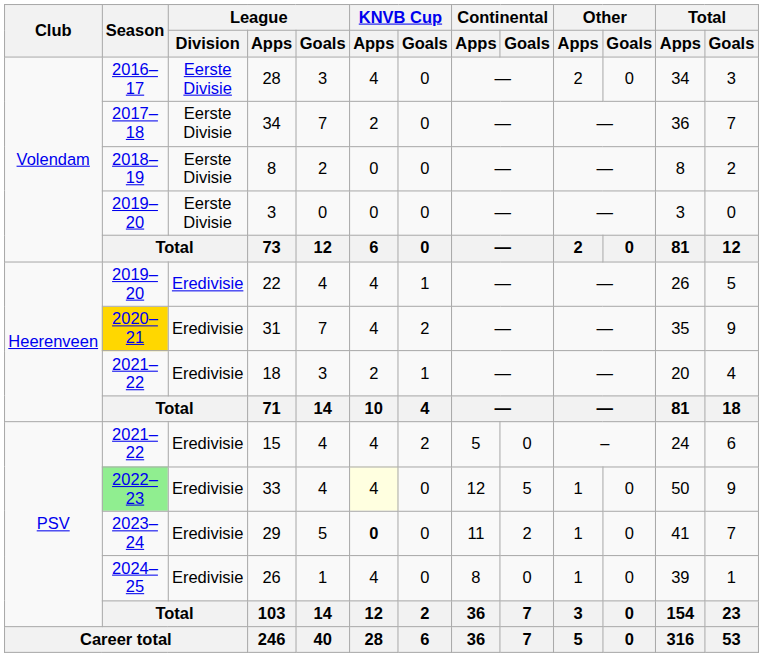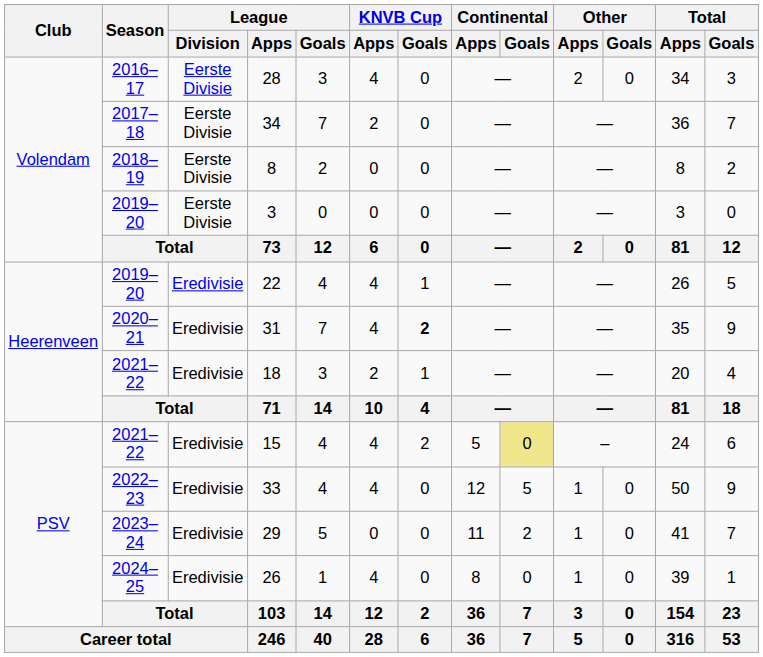 <table class="wikitable" style="text-align:center">
 <tr>
 <th rowspan="2">Club</th>
 <th rowspan="2">Season</th>
 <th colspan="3">League</th>
 <th colspan="2"><a href='#'>KNVB Cup</a></th>
 <th colspan="2">Continental</th>
 <th colspan="2">Other</th>
 <th colspan="2">Total</th>
 </tr>
 <tr>
 <th>Division</th>
 <th>Apps</th>
 <th>Goals</th>
 <th>Apps</th>
 <th>Goals</th>
 <th>Apps</th>
 <th>Goals</th>
 <th>Apps</th>
 <th>Goals</th>
 <th>Apps</th>
 <th>Goals</th>
 </tr>
 <tr>
 <td rowspan="5"><a href='#'>Volendam</a></td>
 <td><a href='#'>2016–17</a></td>
 <td><a href='#'>Eerste Divisie</a></td>
 <td>28</td>
 <td>3</td>
 <td>4</td>
 <td>0</td>
 <td colspan="2">—</td>
 <td>2</td>
 <td>0</td>
 <td>34</td>
 <td>3</td>
 </tr>
 <tr>
 <td><a href='#'>2017–18</a></td>
 <td>Eerste Divisie</td>
 <td>34</td>
 <td>7</td>
 <td>2</td>
 <td>0</td>
 <td colspan="2">—</td>
 <td colspan="2">—</td>
 <td>36</td>
 <td>7</td>
 </tr>
 <tr>
 <td><a href='#'>2018–19</a></td>
 <td>Eerste Divisie</td>
 <td>8</td>
 <td>2</td>
 <td>0</td>
 <td>0</td>
 <td colspan="2">—</td>
 <td colspan="2">—</td>
 <td>8</td>
 <td>2</td>
 </tr>
 <tr>
 <td><a href='#'>2019–20</a></td>
 <td>Eerste Divisie</td>
 <td>3</td>
 <td>0</td>
 <td>0</td>
 <td>0</td>
 <td colspan="2">—</td>
 <td colspan="2">—</td>
 <td>3</td>
 <td>0</td>
 </tr>
 <tr>
 <th colspan="2">Total</th>
 <th>73</th>
 <th>12</th>
 <th>6</th>
 <th>0</th>
 <th colspan="2">—</th>
 <th>2</th>
 <th>0</th>
 <th>81</th>
 <th>12</th>
 </tr>
 <tr>
 <td rowspan="4"><a href='#'>Heerenveen</a></td>
 <td><a href='#'>2019–20</a></td>
 <td><a href='#'>Eredivisie</a></td>
 <td>22</td>
 <td>4</td>
 <td>4</td>
 <td>1</td>
 <td colspan="2">—</td>
 <td colspan="2">—</td>
 <td>26</td>
 <td>5</td>
 </tr>
 <tr>
-<td style="background: gold;"><a href='#'>2020–21</a></td>
+<td><a href='#'>2020–21</a></td>
 <td>Eredivisie</td>
 <td>31</td>
 <td>7</td>
 <td>4</td>
-<td>2</td>
+<td><strong>2</strong></td>
 <td colspan="2">—</td>
 <td colspan="2">—</td>
 <td>35</td>
 <td>9</td>
 </tr>
 <tr>
 <td><a href='#'>2021–22</a></td>
 <td>Eredivisie</td>
 <td>18</td>
 <td>3</td>
 <td>2</td>
 <td>1</td>
 <td colspan="2">—</td>
 <td colspan="2">—</td>
 <td>20</td>
 <td>4</td>
 </tr>
 <tr>
 <th colspan="2">Total</th>
 <th>71</th>
 <th>14</th>
 <th>10</th>
 <th>4</th>
 <th colspan="2">—</th>
 <th colspan="2">—</th>
 <th>81</th>
 <th>18</th>
 </tr>
 <tr>
 <td rowspan="5"><a href='#'>PSV</a></td>
 <td><a href='#'>2021–22</a></td>
 <td>Eredivisie</td>
 <td>15</td>
 <td>4</td>
 <td>4</td>
 <td>2</td>
 <td>5</td>
-<td>0</td>
+<td style="background: khaki;">0</td>
 <td colspan="2">–</td>
 <td>24</td>
 <td>6</td>
 </tr>
 <tr>
-<td style="background: lightgreen;"><a href='#'>2022–23</a></td>
+<td><a href='#'>2022–23</a></td>
 <td>Eredivisie</td>
 <td>33</td>
 <td>4</td>
-<td style="background: lightyellow;">4</td>
+<td>4</td>
 <td>0</td>
 <td>12</td>
 <td>5</td>
 <td>1</td>
 <td>0</td>
 <td>50</td>
 <td>9</td>
 </tr>
 <tr>
 <td><a href='#'>2023–24</a></td>
 <td>Eredivisie</td>
 <td>29</td>
 <td>5</td>
-<td><strong>0</strong></td>
+<td>0</td>
 <td>0</td>
 <td>11</td>
 <td>2</td>
 <td>1</td>
 <td>0</td>
 <td>41</td>
 <td>7</td>
 </tr>
 <tr>
 <td><a href='#'>2024–25</a></td>
 <td>Eredivisie</td>
 <td>26</td>
 <td>1</td>
 <td>4</td>
 <td>0</td>
 <td>8</td>
 <td>0</td>
 <td>1</td>
 <td>0</td>
 <td>39</td>
 <td>1</td>
 </tr>
 <tr>
 <th colspan="2">Total</th>
 <th>103</th>
 <th>14</th>
 <th>12</th>
 <th>2</th>
 <th>36</th>
 <th>7</th>
 <th>3</th>
 <th>0</th>
 <th>154</th>
 <th>23</th>
 </tr>
 <tr>
 <th colspan="3">Career total</th>
 <th>246</th>
 <th>40</th>
 <th>28</th>
 <th>6</th>
 <th>36</th>
 <th>7</th>
 <th>5</th>
 <th>0</th>
 <th>316</th>
 <th>53</th>
 </tr>
 </table>
